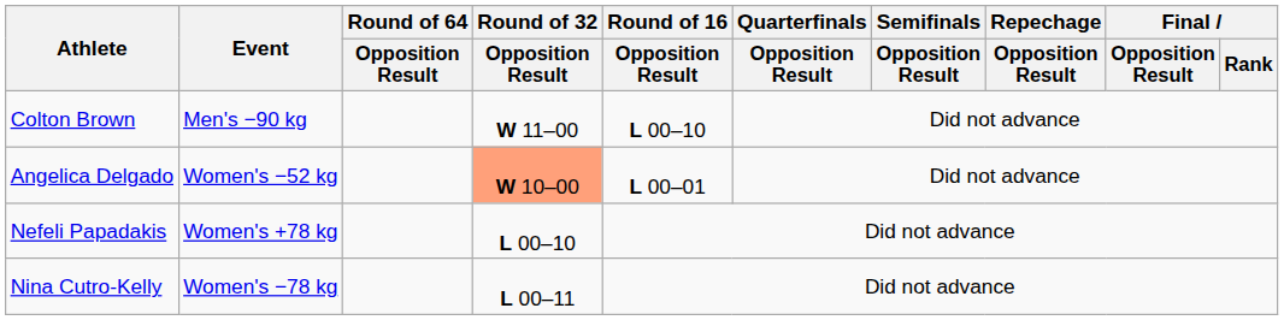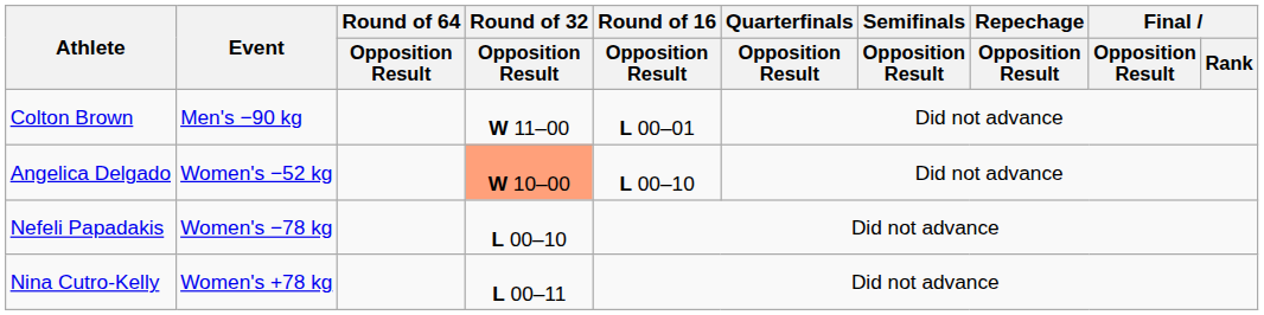 <table class=wikitable style="font-size:90%; text-align:center">
 <tr>
 <th rowspan=2>Athlete</th>
 <th rowspan=2>Event</th>
 <th>Round of 64</th>
 <th>Round of 32</th>
 <th>Round of 16</th>
 <th>Quarterfinals</th>
 <th>Semifinals</th>
 <th>Repechage</th>
 <th colspan=2>Final / </th>
 </tr>
 <tr style=font-size:95%>
 <th>Opposition<br>Result</th>
 <th>Opposition<br>Result</th>
 <th>Opposition<br>Result</th>
 <th>Opposition<br>Result</th>
 <th>Opposition<br>Result</th>
 <th>Opposition<br>Result</th>
 <th>Opposition<br>Result</th>
 <th>Rank</th>
 </tr>
 <tr>
 <td align=left><a href='#'>Colton Brown</a></td>
 <td align=left><a href='#'>Men's −90 kg</a></td>
 <td></td>
 <td><br><strong>W</strong> 11–00</td>
-<td><br><strong>L</strong> 00–10</td>
+<td><br><strong>L</strong> 00–01</td>
 <td colspan=5>Did not advance</td>
 </tr>
 <tr>
 <td align=left><a href='#'>Angelica Delgado</a></td>
 <td align=left><a href='#'>Women's −52 kg</a></td>
 <td></td>
 <td style="background: lightsalmon;"><br><strong>W</strong> 10–00</td>
-<td><br><strong>L</strong> 00–01</td>
+<td><br><strong>L</strong> 00–10</td>
 <td colspan=5>Did not advance</td>
 </tr>
 <tr>
 <td align=left><a href='#'>Nefeli Papadakis</a></td>
-<td align=left><a href='#'>Women's +78 kg</a></td>
+<td align=left><a href='#'>Women's −78 kg</a></td>
 <td></td>
 <td><br><strong>L</strong> 00–10</td>
 <td colspan=6>Did not advance</td>
 </tr>
 <tr>
 <td align=left><a href='#'>Nina Cutro-Kelly</a></td>
-<td align=left><a href='#'>Women's −78 kg</a></td>
+<td align=left><a href='#'>Women's +78 kg</a></td>
 <td></td>
 <td><br><strong>L</strong> 00–11</td>
 <td colspan=6>Did not advance</td>
 </tr>
 </table>
